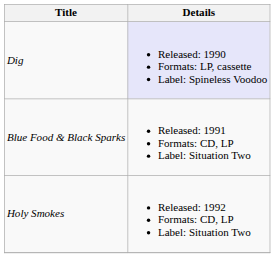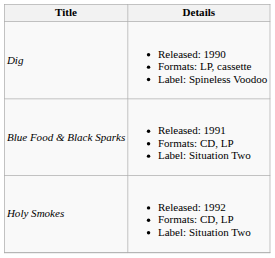 <table class="wikitable">
 <tr>
 <th>Title</th>
 <th>Details</th>
 </tr>
 <tr>
 <td style="text-align:left;"><em>Dig</em></td>
-<td style="background: lavender;"><br><ul><li>Released: 1990</li><li>Formats: LP, cassette</li><li>Label: Spineless Voodoo</li></ul></td>
+<td><br><ul><li>Released: 1990</li><li>Formats: LP, cassette</li><li>Label: Spineless Voodoo</li></ul></td>
 </tr>
 <tr>
 <td style="text-align:left;"><em>Blue Food & Black Sparks</em></td>
 <td><br><ul><li>Released: 1991</li><li>Formats: CD, LP</li><li>Label: Situation Two</li></ul></td>
 </tr>
 <tr>
 <td style="text-align:left;"><em>Holy Smokes</em></td>
 <td><br><ul><li>Released: 1992</li><li>Formats: CD, LP</li><li>Label: Situation Two</li></ul></td>
 </tr>
 <tr>
 </tr>
 </table>
